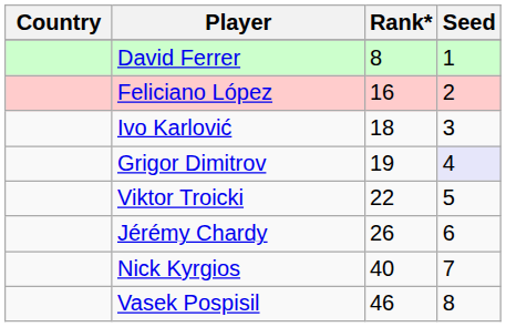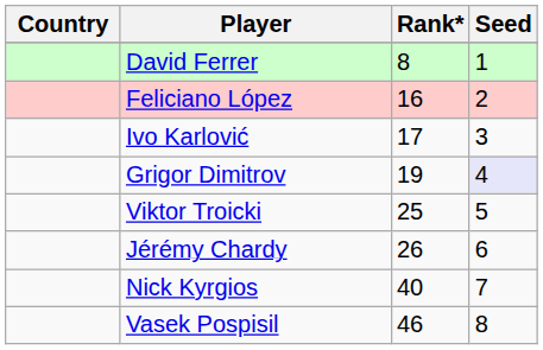 <table class="sortable wikitable">
 <tr>
 <th width="70">Country</th>
 <th width="175">Player</th>
 <th>Rank*</th>
 <th>Seed</th>
 </tr>
 <tr style="background:#cfc;#">
 </tr>
 <tr style="background:#cfc;#">
 <td></td>
 <td><a href='#'>David Ferrer</a></td>
 <td>8</td>
 <td>1</td>
 </tr>
 <tr style="background:#fcc;#">
 <td></td>
 <td><a href='#'>Feliciano López</a></td>
 <td>16</td>
 <td>2</td>
 </tr>
 <tr>
 <td></td>
 <td><a href='#'>Ivo Karlović</a></td>
-<td>18</td>
+<td>17</td>
 <td>3</td>
 </tr>
 <tr>
 <td></td>
 <td><a href='#'>Grigor Dimitrov</a></td>
 <td>19</td>
 <td style="background: lavender;">4</td>
 </tr>
 <tr>
 <td></td>
 <td><a href='#'>Viktor Troicki</a></td>
-<td>22</td>
+<td>25</td>
 <td>5</td>
 </tr>
 <tr>
 <td></td>
 <td><a href='#'>Jérémy Chardy</a></td>
 <td>26</td>
 <td>6</td>
 </tr>
 <tr>
 <td></td>
 <td><a href='#'>Nick Kyrgios</a></td>
 <td>40</td>
 <td>7</td>
 </tr>
 <tr>
 <td></td>
 <td><a href='#'>Vasek Pospisil</a></td>
 <td>46</td>
 <td>8</td>
 </tr>
 </table>
